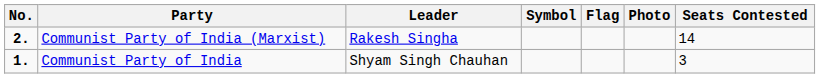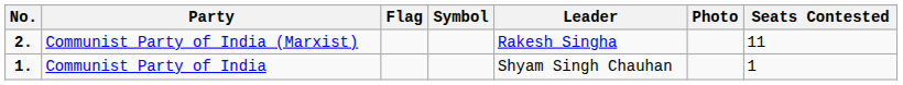 <table class="wikitable" width="60%">
 <tr>
 <th>No.</th>
 <th>Party</th>
+<th>Flag</th>
+<th>Symbol</th>
 <th>Leader</th>
-<th>Symbol</th>
-<th>Flag</th>
 <th>Photo</th>
 <th>Seats Contested</th>
 </tr>
 <tr>
 <td style="text-align:center; background:"><strong>2.</strong></td>
 <td><a href='#'>Communist Party of India (Marxist)</a></td>
+<td></td>
+<td></td>
 <td><a href='#'>Rakesh Singha</a></td>
 <td></td>
-<td></td>
-<td></td>
-<td>14</td>
+<td>11</td>
 </tr>
 <tr>
 <td style="text-align:center; background:"><strong>1.</strong></td>
 <td><a href='#'>Communist Party of India</a></td>
+<td></td>
+<td></td>
 <td>Shyam Singh Chauhan</td>
 <td></td>
-<td></td>
-<td></td>
-<td>3</td>
+<td>1</td>
 </tr>
 </table>
